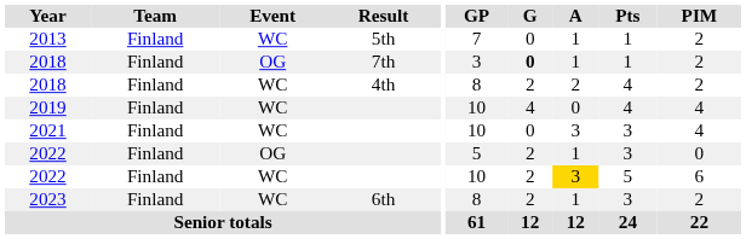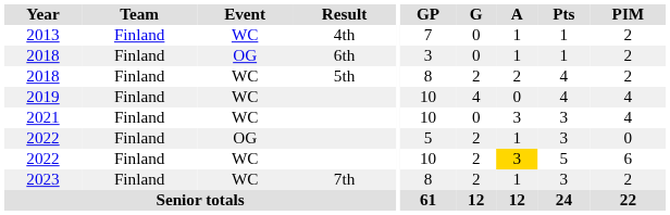 <table border="0" cellpadding="1" cellspacing="0" ID="Table3" style="text-align:center; width:40em">
 <tr ALIGN="center" bgcolor="#e0e0e0">
 <th>Year</th>
 <th>Team</th>
 <th>Event</th>
 <th>Result</th>
 <th rowspan="99" bgcolor="#ffffff"></th>
 <th>GP</th>
 <th>G</th>
 <th>A</th>
 <th>Pts</th>
 <th>PIM</th>
 </tr>
 <tr>
 <td><a href='#'>2013</a></td>
 <td><a href='#'>Finland</a></td>
 <td><a href='#'>WC</a></td>
-<td>5th</td>
+<td>4th</td>
 <td>7</td>
 <td>0</td>
 <td>1</td>
 <td>1</td>
 <td>2</td>
 </tr>
 <tr bgcolor="#f0f0f0">
 <td><a href='#'>2018</a></td>
 <td>Finland</td>
 <td><a href='#'>OG</a></td>
-<td>7th</td>
+<td>6th</td>
 <td>3</td>
-<td><strong>0</strong></td>
+<td>0</td>
 <td>1</td>
 <td>1</td>
 <td>2</td>
 </tr>
 <tr>
 <td><a href='#'>2018</a></td>
 <td>Finland</td>
 <td>WC</td>
-<td>4th</td>
+<td>5th</td>
 <td>8</td>
 <td>2</td>
 <td>2</td>
 <td>4</td>
 <td>2</td>
 </tr>
 <tr bgcolor="#f0f0f0">
 <td><a href='#'>2019</a></td>
 <td>Finland</td>
 <td>WC</td>
 <td></td>
 <td>10</td>
 <td>4</td>
 <td>0</td>
 <td>4</td>
 <td>4</td>
 </tr>
 <tr>
 <td><a href='#'>2021</a></td>
 <td>Finland</td>
 <td>WC</td>
 <td></td>
 <td>10</td>
 <td>0</td>
 <td>3</td>
 <td>3</td>
 <td>4</td>
 </tr>
 <tr bgcolor="#f0f0f0">
 <td><a href='#'>2022</a></td>
 <td>Finland</td>
 <td>OG</td>
 <td></td>
 <td>5</td>
 <td>2</td>
 <td>1</td>
 <td>3</td>
 <td>0</td>
 </tr>
 <tr>
 <td><a href='#'>2022</a></td>
 <td>Finland</td>
 <td>WC</td>
 <td></td>
 <td>10</td>
 <td>2</td>
 <td style="background: gold;">3</td>
 <td>5</td>
 <td>6</td>
 </tr>
 <tr bgcolor="#f0f0f0">
 <td><a href='#'>2023</a></td>
 <td>Finland</td>
 <td>WC</td>
-<td>6th</td>
+<td>7th</td>
 <td>8</td>
 <td>2</td>
 <td>1</td>
 <td>3</td>
 <td>2</td>
 </tr>
 <tr bgcolor="#e0e0e0">
 <th colspan="4">Senior totals</th>
 <th>61</th>
 <th>12</th>
 <th>12</th>
 <th>24</th>
 <th>22</th>
 </tr>
 </table>
